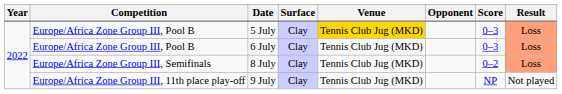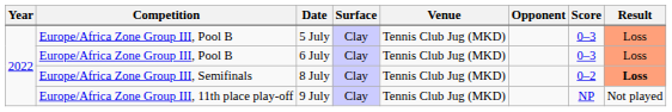 <table class="wikitable sortable">
 <tr>
 <th scope="col">Year</th>
 <th scope="col">Competition</th>
 <th scope="col">Date</th>
 <th scope="col">Surface</th>
 <th scope="col">Venue</th>
 <th scope="col">Opponent</th>
 <th scope="col">Score</th>
 <th scope="col">Result</th>
 </tr>
 <tr style="border-top:2px solid gray;">
 <td align="center" rowspan="4"><a href='#'>2022</a></td>
 <td><a href='#'>Europe/Africa Zone Group III</a>, Pool B</td>
 <td>5 July</td>
 <td align="center" bgcolor=ccccff>Clay</td>
-<td style="background: gold;">Tennis Club Jug (MKD)</td>
+<td>Tennis Club Jug (MKD)</td>
 <td></td>
 <td align="center"><a href='#'>0–3</a></td>
 <td align="center" bgcolor="#FFA07A">Loss</td>
 </tr>
 <tr>
 <td><a href='#'>Europe/Africa Zone Group III</a>, Pool B</td>
 <td>6 July</td>
 <td align="center" bgcolor=ccccff>Clay</td>
 <td>Tennis Club Jug (MKD)</td>
 <td></td>
 <td align="center"><a href='#'>0–3</a></td>
 <td align="center" bgcolor="#FFA07A">Loss</td>
 </tr>
 <tr>
 <td><a href='#'>Europe/Africa Zone Group III</a>, Semifinals</td>
 <td>8 July</td>
 <td align="center" bgcolor=ccccff>Clay</td>
 <td>Tennis Club Jug (MKD)</td>
 <td></td>
 <td align="center"><a href='#'>0–2</a></td>
-<td align="center" bgcolor="#FFA07A">Loss</td>
+<td align="center" bgcolor="#FFA07A"><strong>Loss</strong></td>
 </tr>
 <tr>
 <td><a href='#'>Europe/Africa Zone Group III</a>, 11th place play-off</td>
 <td>9 July</td>
 <td align="center" bgcolor=ccccff>Clay</td>
 <td>Tennis Club Jug (MKD)</td>
 <td></td>
 <td align="center"><a href='#'>NP</a></td>
 <td>Not played</td>
 </tr>
 </table>
